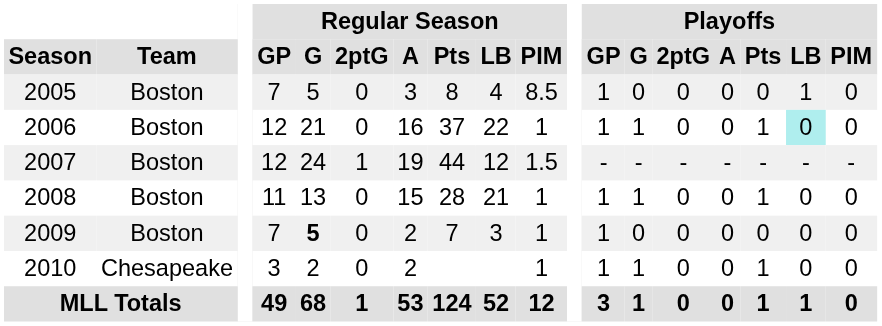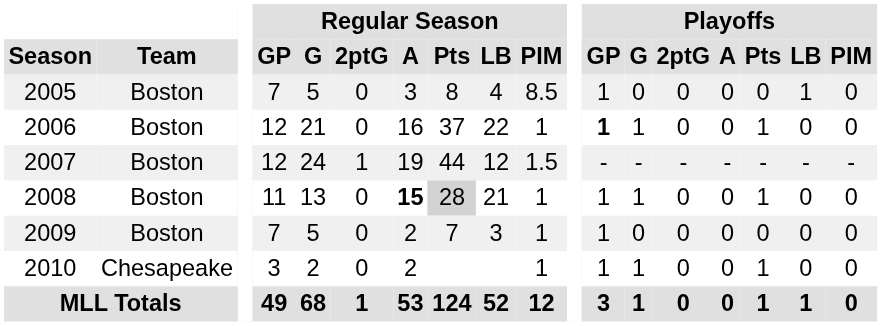 <table BORDER="0" CELLPADDING="3" CELLSPACING="0">
 <tr ALIGN="center" bgcolor="#e0e0e0">
 <th colspan="2" bgcolor="#ffffff"> </th>
 <th rowspan="99" bgcolor="#ffffff"> </th>
 <th colspan="7">Regular Season</th>
 <th rowspan="99" bgcolor="#ffffff"> </th>
 <th colspan="7">Playoffs</th>
 </tr>
 <tr ALIGN="center" bgcolor="#e0e0e0">
 <th>Season</th>
 <th>Team</th>
 <th>GP</th>
 <th>G</th>
 <th>2ptG</th>
 <th>A</th>
 <th>Pts</th>
 <th>LB</th>
 <th>PIM</th>
 <th>GP</th>
 <th>G</th>
 <th>2ptG</th>
 <th>A</th>
 <th>Pts</th>
 <th>LB</th>
 <th>PIM</th>
 </tr>
 <tr ALIGN="center" bgcolor="#f0f0f0">
 <td>2005</td>
 <td>Boston</td>
 <td>7</td>
 <td>5</td>
 <td>0</td>
 <td>3</td>
 <td>8</td>
 <td>4</td>
 <td>8.5</td>
 <td>1</td>
 <td>0</td>
 <td>0</td>
 <td>0</td>
 <td>0</td>
 <td>1</td>
 <td>0</td>
 </tr>
 <tr ALIGN="center">
 <td>2006</td>
 <td>Boston</td>
 <td>12</td>
 <td>21</td>
 <td>0</td>
 <td>16</td>
 <td>37</td>
 <td>22</td>
 <td>1</td>
-<td>1</td>
+<td><strong>1</strong></td>
 <td>1</td>
 <td>0</td>
 <td>0</td>
 <td>1</td>
-<td style="background: paleturquoise;">0</td>
+<td>0</td>
 <td>0</td>
 </tr>
 <tr ALIGN="center" bgcolor="#f0f0f0">
 <td>2007</td>
 <td>Boston</td>
 <td>12</td>
 <td>24</td>
 <td>1</td>
 <td>19</td>
 <td>44</td>
 <td>12</td>
 <td>1.5</td>
 <td>-</td>
 <td>-</td>
 <td>-</td>
 <td>-</td>
 <td>-</td>
 <td>-</td>
 <td>-</td>
 </tr>
 <tr ALIGN="center">
 <td>2008</td>
 <td>Boston</td>
 <td>11</td>
 <td>13</td>
 <td>0</td>
-<td>15</td>
-<td>28</td>
+<td><strong>15</strong></td>
+<td style="background: lightgrey;">28</td>
 <td>21</td>
 <td>1</td>
 <td>1</td>
 <td>1</td>
 <td>0</td>
 <td>0</td>
 <td>1</td>
 <td>0</td>
 <td>0</td>
 </tr>
 <tr ALIGN="center" bgcolor="#f0f0f0">
 <td>2009</td>
 <td>Boston</td>
 <td>7</td>
-<td><strong>5</strong></td>
+<td>5</td>
 <td>0</td>
 <td>2</td>
 <td>7</td>
 <td>3</td>
 <td>1</td>
 <td>1</td>
 <td>0</td>
 <td>0</td>
 <td>0</td>
 <td>0</td>
 <td>0</td>
 <td>0</td>
 </tr>
 <tr ALIGN="center">
 <td>2010</td>
 <td>Chesapeake</td>
 <td>3</td>
 <td>2</td>
 <td>0</td>
 <td>2</td>
 <td></td>
 <td></td>
 <td>1</td>
 <td>1</td>
 <td>1</td>
 <td>0</td>
 <td>0</td>
 <td>1</td>
 <td>0</td>
 <td>0</td>
 </tr>
 <tr ALIGN="center" bgcolor="#e0e0e0">
 <th colspan="2">MLL Totals</th>
 <th>49</th>
 <th>68</th>
 <th>1</th>
 <th>53</th>
 <th>124</th>
 <th>52</th>
 <th>12</th>
 <th>3</th>
 <th>1</th>
 <th>0</th>
 <th>0</th>
 <th>1</th>
 <th>1</th>
 <th>0</th>
 </tr>
 </table>
